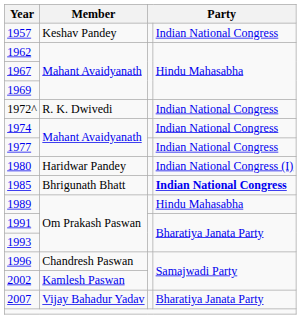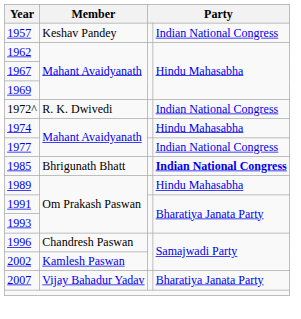 <table class="wikitable">
 <tr>
 <th>Year</th>
 <th>Member</th>
 <th colspan="2">Party</th>
 </tr>
 <tr>
 <td><a href='#'>1957</a></td>
 <td>Keshav Pandey</td>
 <td style="background-color: "></td>
 <td><a href='#'>Indian National Congress</a></td>
 </tr>
 <tr>
 <td><a href='#'>1962</a></td>
 <td rowspan="3"><a href='#'>Mahant Avaidyanath</a></td>
 <td rowspan="3" style="background-color: "></td>
 <td rowspan="3"><a href='#'>Hindu Mahasabha</a></td>
 </tr>
 <tr>
 <td><a href='#'>1967</a></td>
 </tr>
 <tr>
 <td><a href='#'>1969</a></td>
 </tr>
 <tr>
 <td>1972^</td>
 <td>R. K. Dwivedi</td>
 <td style="background-color: "></td>
 <td><a href='#'>Indian National Congress</a></td>
 </tr>
 <tr>
 <td><a href='#'>1974</a></td>
 <td rowspan="2"><a href='#'>Mahant Avaidyanath</a></td>
 <td style="background-color: "></td>
-<td><a href='#'>Indian National Congress</a></td>
+<td><a href='#'>Hindu Mahasabha</a></td>
 </tr>
 <tr>
 <td><a href='#'>1977</a></td>
 <td style="background-color: "></td>
 <td><a href='#'>Indian National Congress</a></td>
-</tr>
-<tr>
-<td><a href='#'>1980</a></td>
-<td>Haridwar Pandey</td>
-<td style="background-color: "></td>
-<td><a href='#'>Indian National Congress (I)</a></td>
 </tr>
 <tr>
 <td><a href='#'>1985</a></td>
 <td>Bhrigunath Bhatt</td>
 <td style="background-color: "></td>
 <td><strong><a href='#'>Indian National Congress</a></strong></td>
 </tr>
 <tr>
 <td><a href='#'>1989</a></td>
 <td rowspan="3">Om Prakash Paswan</td>
 <td style="background-color: "></td>
 <td><a href='#'>Hindu Mahasabha</a></td>
 </tr>
 <tr>
 <td><a href='#'>1991</a></td>
 <td rowspan="2" style="background-color: "></td>
 <td rowspan="2"><a href='#'>Bharatiya Janata Party</a></td>
 </tr>
 <tr>
 <td><a href='#'>1993</a></td>
 </tr>
 <tr>
 <td><a href='#'>1996</a></td>
 <td>Chandresh Paswan</td>
 <td rowspan="2" style="background-color: "></td>
 <td rowspan="2"><a href='#'>Samajwadi Party</a></td>
 </tr>
 <tr>
 <td><a href='#'>2002</a></td>
 <td><a href='#'>Kamlesh Paswan</a></td>
 </tr>
 <tr>
 <td><a href='#'>2007</a></td>
 <td><a href='#'>Vijay Bahadur Yadav</a></td>
 <td style="background-color: "></td>
 <td><a href='#'>Bharatiya Janata Party</a></td>
 </tr>
 <tr>
 <td colspan="4"></td>
 </tr>
 </table>
